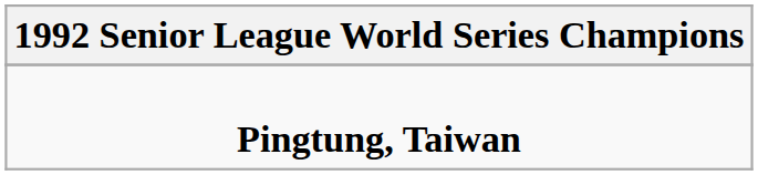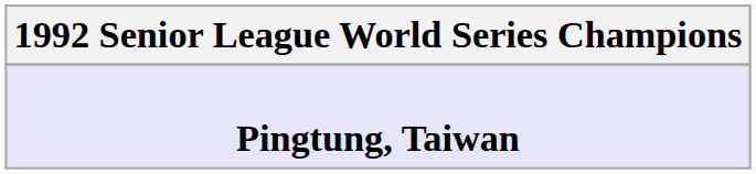 <table class="wikitable" style="text-align: center; margin: 0 auto;">
 <tr>
 <th>1992 Senior League World Series Champions</th>
 </tr>
 <tr>
 </tr>
 <tr>
-<td><br><strong>Pingtung, Taiwan</strong></td>
+<td style="background: lavender;"><br><strong>Pingtung, Taiwan</strong></td>
 </tr>
 </table>
